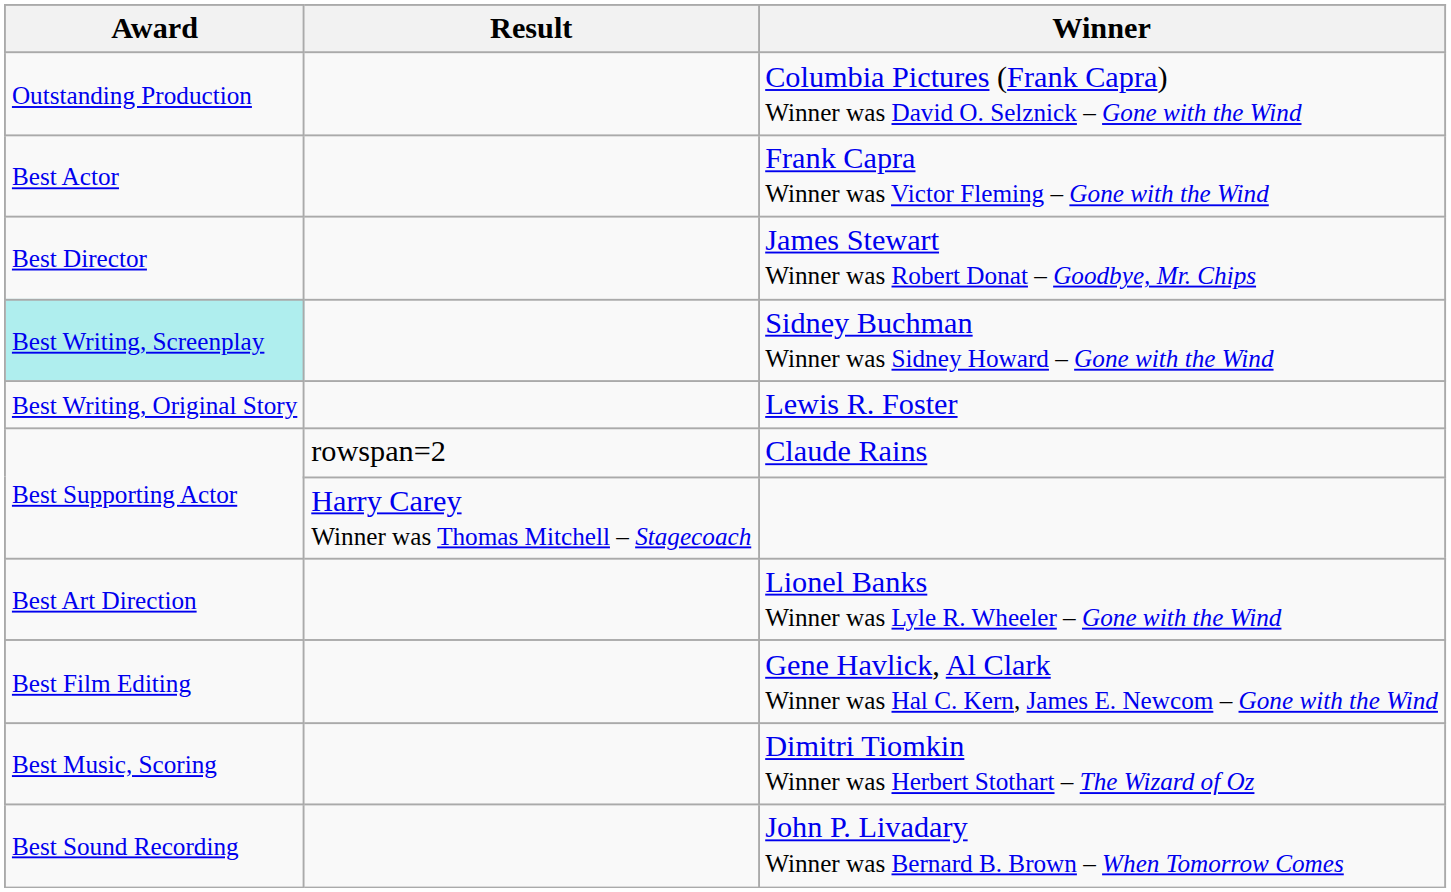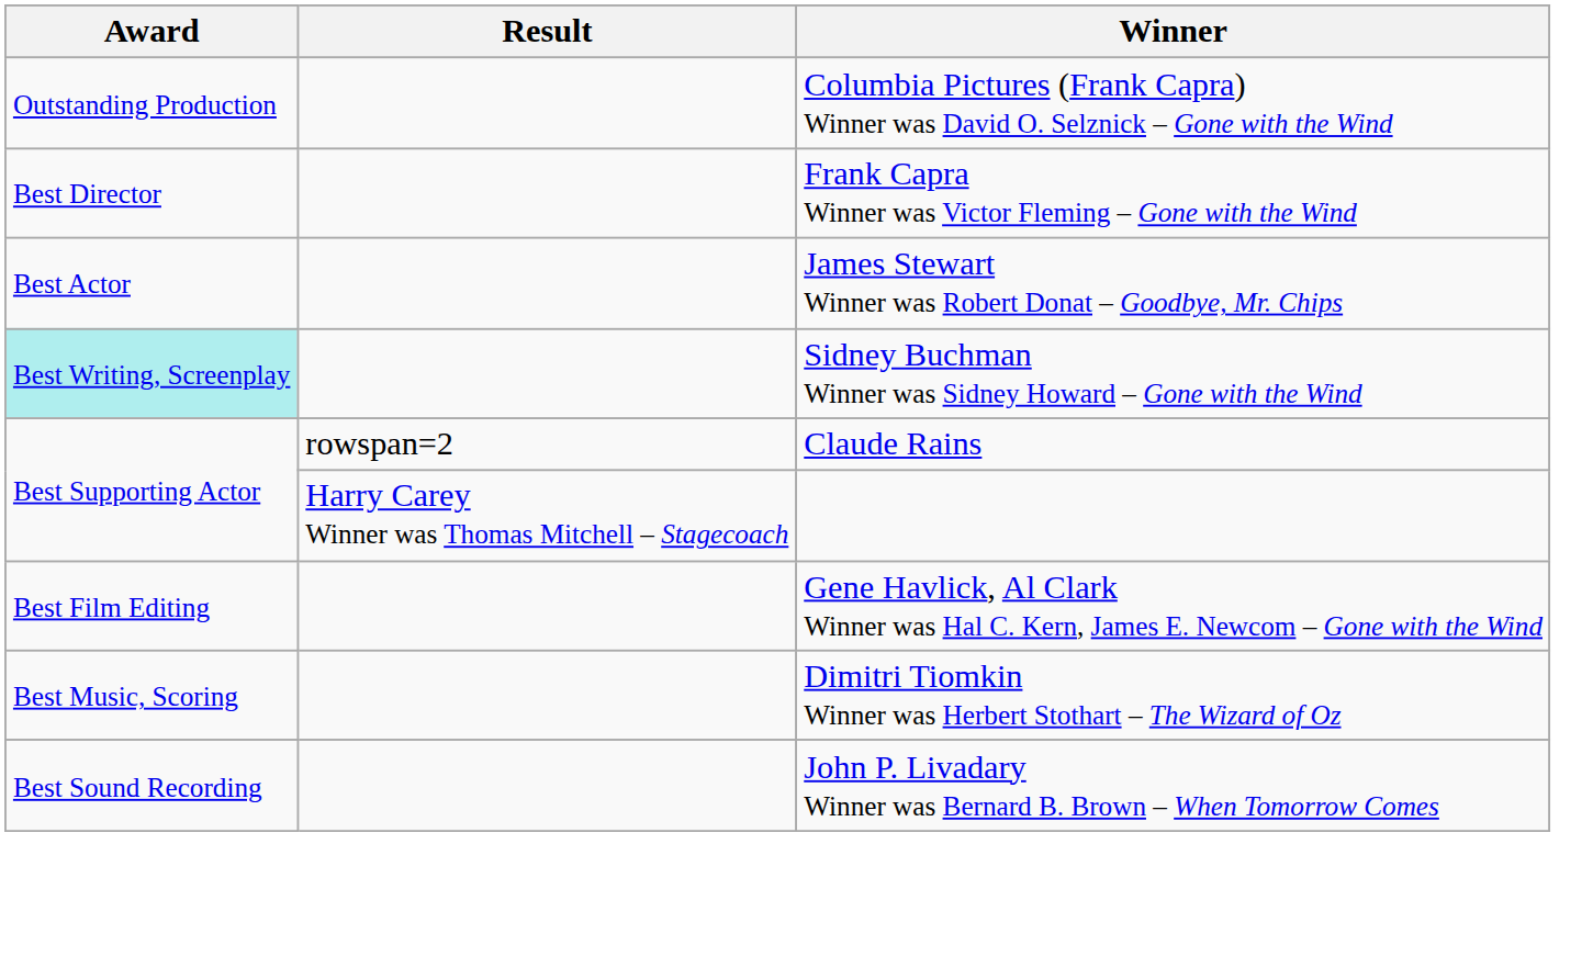 <table class="wikitable">
 <tr>
 <th>Award</th>
 <th>Result</th>
 <th>Winner</th>
 </tr>
 <tr>
 <td><small><a href='#'>Outstanding Production</a></small></td>
 <td></td>
 <td><a href='#'>Columbia Pictures</a> (<a href='#'>Frank Capra</a>)<br> <small>Winner was <a href='#'>David O. Selznick</a> – <em><a href='#'>Gone with the Wind</a></em></small></td>
 </tr>
 <tr>
-<td><small><a href='#'>Best Actor</a></small></td>
+<td><small><a href='#'>Best Director</a></small></td>
 <td></td>
 <td><a href='#'>Frank Capra</a><br> <small>Winner was <a href='#'>Victor Fleming</a> – <em><a href='#'>Gone with the Wind</a></em></small></td>
 </tr>
 <tr>
-<td><small><a href='#'>Best Director</a></small></td>
+<td><small><a href='#'>Best Actor</a></small></td>
 <td></td>
 <td><a href='#'>James Stewart</a><br> <small>Winner was <a href='#'>Robert Donat</a> – <em><a href='#'>Goodbye, Mr. Chips</a></em></small></td>
 </tr>
 <tr>
 <td style="background: paleturquoise;"><small><a href='#'>Best Writing, Screenplay</a></small></td>
 <td></td>
 <td><a href='#'>Sidney Buchman</a><br> <small>Winner was <a href='#'>Sidney Howard</a> – <em><a href='#'>Gone with the Wind</a></em></small></td>
 </tr>
 <tr>
-<td><small><a href='#'>Best Writing, Original Story</a></small></td>
-<td></td>
-<td><a href='#'>Lewis R. Foster</a></td>
-</tr>
-<tr>
 <td rowspan=2><small><a href='#'>Best Supporting Actor</a></small></td>
 <td>rowspan=2 </td>
 <td><a href='#'>Claude Rains</a></td>
 </tr>
 <tr>
 <td><a href='#'>Harry Carey</a><br> <small>Winner was <a href='#'>Thomas Mitchell</a> – <em><a href='#'>Stagecoach</a></em></small></td>
-</tr>
-<tr>
-<td><small><a href='#'>Best Art Direction</a></small></td>
-<td></td>
-<td><a href='#'>Lionel Banks</a><br> <small>Winner was <a href='#'>Lyle R. Wheeler</a> – <em><a href='#'>Gone with the Wind</a></em></small></td>
 </tr>
 <tr>
 <td><small><a href='#'>Best Film Editing</a></small></td>
 <td></td>
 <td><a href='#'>Gene Havlick</a>, <a href='#'>Al Clark</a><br> <small>Winner was <a href='#'>Hal C. Kern</a>, <a href='#'>James E. Newcom</a> – <em><a href='#'>Gone with the Wind</a></em></small></td>
 </tr>
 <tr>
 <td><small><a href='#'>Best Music, Scoring</a></small></td>
 <td></td>
 <td><a href='#'>Dimitri Tiomkin</a><br> <small>Winner was <a href='#'>Herbert Stothart</a> – <em><a href='#'>The Wizard of Oz</a></em></small></td>
 </tr>
 <tr>
 <td><small><a href='#'>Best Sound Recording</a></small></td>
 <td></td>
 <td><a href='#'>John P. Livadary</a><br> <small>Winner was <a href='#'>Bernard B. Brown</a> – <em><a href='#'>When Tomorrow Comes</a></em></small></td>
 </tr>
 </table>
